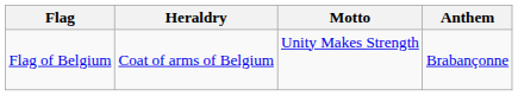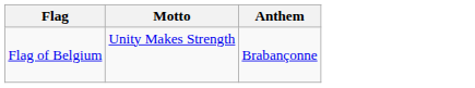 <table class="wikitable" style="text-align:center;">
 <tr>
 <th>Flag</th>
-<th>Heraldry</th>
 <th>Motto</th>
 <th>Anthem</th>
 </tr>
 <tr>
 <td><a href='#'>Flag of Belgium</a><br></td>
-<td><a href='#'>Coat of arms of Belgium</a><br></td>
 <td><a href='#'>Unity Makes Strength</a><br><br><br></td>
 <td><a href='#'>Brabançonne</a><br></td>
 </tr>
 </table>
